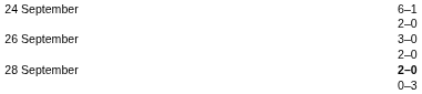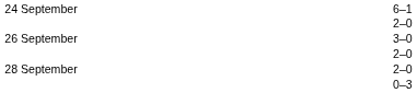 <table cellspacing=1 width=70%>
 <tr>
 <th width=25%></th>
 <th width=30%></th>
 <th width=15%></th>
 <th width=30%></th>
 </tr>
 <tr>
 <td>24 September</td>
 <td align=right></td>
 <td align=center>6–1</td>
 <td></td>
 </tr>
 <tr>
 <td></td>
 <td align=right></td>
 <td align=center>2–0</td>
 <td></td>
 </tr>
 <tr>
 <td>26 September</td>
 <td align=right></td>
 <td align=center>3–0</td>
 <td></td>
 </tr>
 <tr>
 <td></td>
 <td align=right></td>
 <td align=center>2–0</td>
 <td></td>
 </tr>
 <tr>
 <td>28 September</td>
 <td align=right></td>
-<td align=center><strong>2–0</strong></td>
+<td align=center>2–0</td>
 <td></td>
 </tr>
 <tr>
 <td></td>
 <td align=right></td>
 <td align=center>0–3</td>
 <td></td>
 </tr>
 </table>
